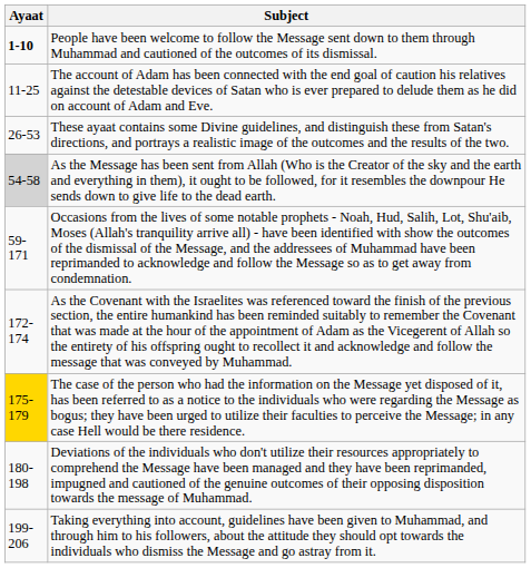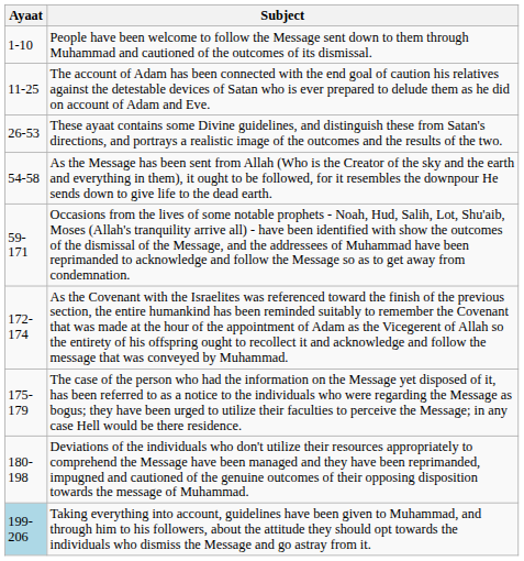 <table class="wikitable">
 <tr>
 <th>Ayaat</th>
 <th>Subject</th>
 </tr>
 <tr>
-<td><strong>1-10</strong></td>
+<td>1-10</td>
 <td>People have been welcome to follow the Message sent down to them through Muhammad and cautioned of the outcomes of its dismissal.</td>
 </tr>
 <tr>
 <td>11-25</td>
 <td>The account of Adam has been connected with the end goal of caution his relatives against the detestable devices of Satan who is ever prepared to delude them as he did on account of Adam and Eve.</td>
 </tr>
 <tr>
 <td>26-53</td>
 <td>These ayaat contains some Divine guidelines, and distinguish these from Satan's directions, and portrays a realistic image of the outcomes and the results of the two.</td>
 </tr>
 <tr>
-<td style="background: lightgrey;">54-58</td>
+<td>54-58</td>
 <td>As the Message has been sent from Allah (Who is the Creator of the sky and the earth and everything in them), it ought to be followed, for it resembles the downpour He sends down to give life to the dead earth.</td>
 </tr>
 <tr>
 <td>59-171</td>
 <td>Occasions from the lives of some notable prophets - Noah, Hud, Salih, Lot, Shu'aib, Moses (Allah's tranquility arrive all) - have been identified with show the outcomes of the dismissal of the Message, and the addressees of Muhammad have been reprimanded to acknowledge and follow the Message so as to get away from condemnation.</td>
 </tr>
 <tr>
 <td>172-174</td>
 <td>As the Covenant with the Israelites was referenced toward the finish of the previous section, the entire humankind has been reminded suitably to remember the Covenant that was made at the hour of the appointment of Adam as the Vicegerent of Allah so the entirety of his offspring ought to recollect it and acknowledge and follow the message that was conveyed by Muhammad.</td>
 </tr>
 <tr>
-<td style="background: gold;">175-179</td>
+<td>175-179</td>
 <td>The case of the person who had the information on the Message yet disposed of it, has been referred to as a notice to the individuals who were regarding the Message as bogus; they have been urged to utilize their faculties to perceive the Message; in any case Hell would be there residence.</td>
 </tr>
 <tr>
 <td>180-198</td>
 <td>Deviations of the individuals who don't utilize their resources appropriately to comprehend the Message have been managed and they have been reprimanded, impugned and cautioned of the genuine outcomes of their opposing disposition towards the message of Muhammad.</td>
 </tr>
 <tr>
-<td>199-206</td>
+<td style="background: lightblue;">199-206</td>
 <td>Taking everything into account, guidelines have been given to Muhammad, and through him to his followers, about the attitude they should opt towards the individuals who dismiss the Message and go astray from it.</td>
 </tr>
 </table>
